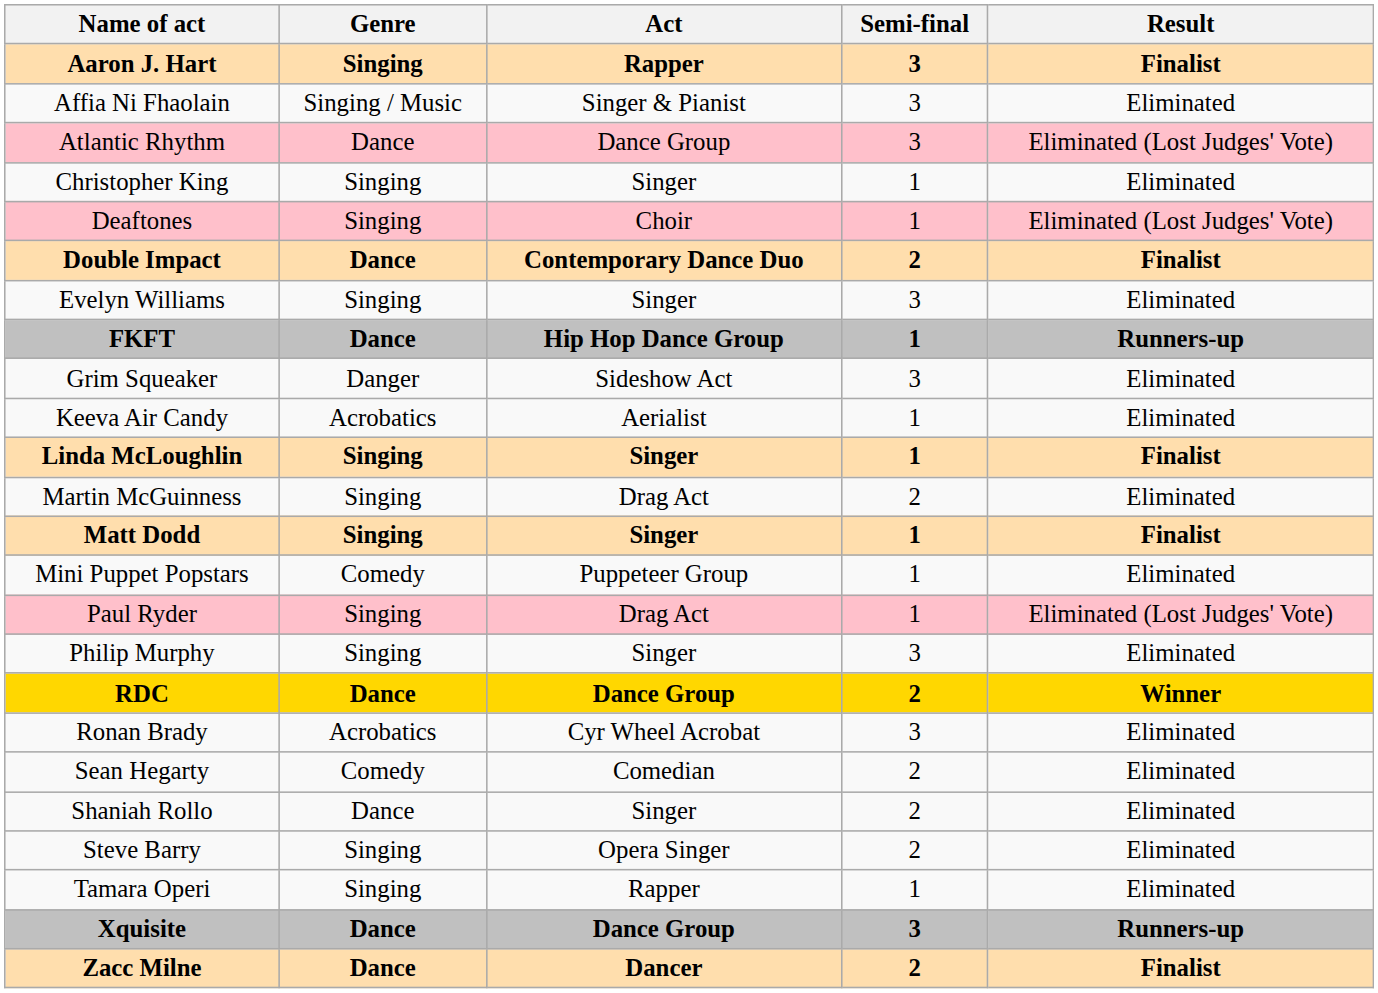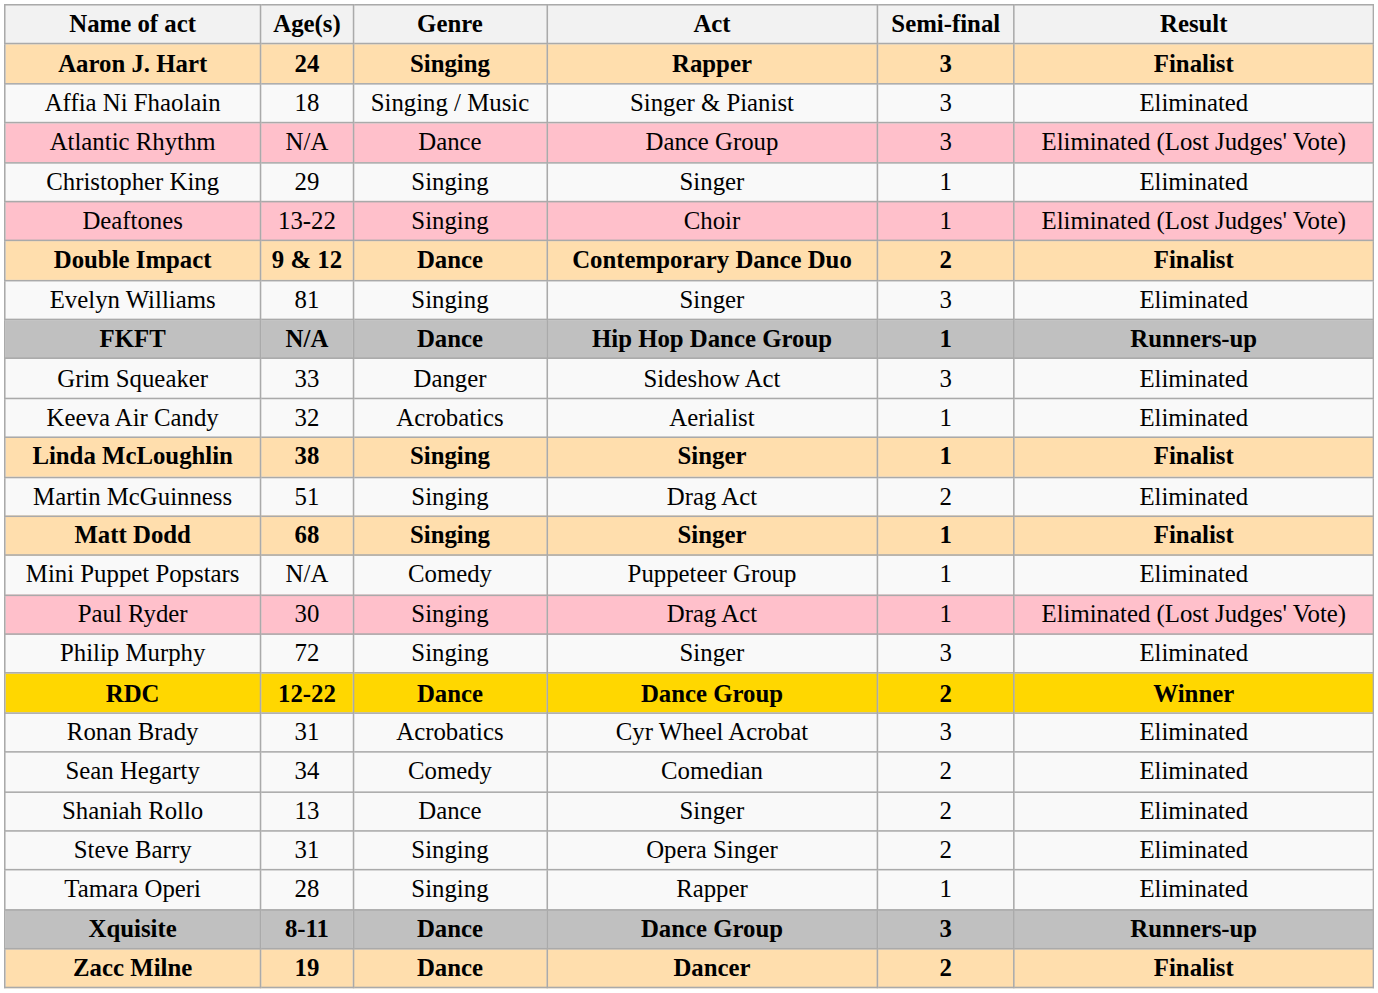 <table class="wikitable sortable" style="width:100%; text-align:center;">
 <tr>
 <th>Name of act</th>
+<th data-sort-type="number">Age(s)</th>
 <th>Genre</th>
 <th>Act</th>
 <th>Semi-final</th>
 <th>Result</th>
 </tr>
 <tr style="font-weight:bold;background:navajowhite">
 <td>Aaron J. Hart</td>
+<td>24</td>
 <td>Singing</td>
 <td>Rapper</td>
 <td>3</td>
 <td>Finalist</td>
 </tr>
 <tr>
 <td>Affia Ni Fhaolain</td>
+<td>18</td>
 <td>Singing / Music</td>
 <td>Singer & Pianist</td>
 <td>3</td>
 <td>Eliminated</td>
 </tr>
 <tr style="background:pink;">
 <td>Atlantic Rhythm</td>
+<td>N/A</td>
 <td>Dance</td>
 <td>Dance Group</td>
 <td>3</td>
 <td>Eliminated (Lost Judges' Vote)</td>
 </tr>
 <tr>
 <td>Christopher King </td>
+<td>29</td>
 <td>Singing</td>
 <td>Singer</td>
 <td>1</td>
 <td>Eliminated</td>
 </tr>
 <tr style="background:pink;">
 <td>Deaftones</td>
+<td>13-22</td>
 <td>Singing</td>
 <td>Choir</td>
 <td>1</td>
 <td>Eliminated (Lost Judges' Vote)</td>
 </tr>
 <tr style="font-weight:bold;background:navajowhite">
 <td>Double Impact</td>
+<td>9 & 12</td>
 <td>Dance</td>
 <td>Contemporary Dance Duo</td>
 <td>2</td>
 <td>Finalist</td>
 </tr>
 <tr>
 <td>Evelyn Williams </td>
+<td>81</td>
 <td>Singing</td>
 <td>Singer</td>
 <td>3</td>
 <td>Eliminated</td>
 </tr>
 <tr style="font-weight:bold;background:silver">
 <td>FKFT</td>
+<td>N/A</td>
 <td>Dance</td>
 <td>Hip Hop Dance Group</td>
 <td>1</td>
 <td>Runners-up</td>
 </tr>
 <tr>
 <td>Grim Squeaker</td>
+<td>33</td>
 <td>Danger</td>
 <td>Sideshow Act</td>
 <td>3</td>
 <td>Eliminated</td>
 </tr>
 <tr>
 <td>Keeva Air Candy</td>
+<td>32</td>
 <td>Acrobatics</td>
 <td>Aerialist</td>
 <td>1</td>
 <td>Eliminated</td>
 </tr>
 <tr style="font-weight:bold;background:navajowhite">
 <td>Linda McLoughlin </td>
+<td>38</td>
 <td>Singing</td>
 <td>Singer</td>
 <td>1</td>
 <td>Finalist</td>
 </tr>
 <tr>
 <td>Martin McGuinness </td>
+<td>51</td>
 <td>Singing</td>
 <td>Drag Act</td>
 <td>2</td>
 <td>Eliminated</td>
 </tr>
 <tr style="font-weight:bold;background:navajowhite">
 <td>Matt Dodd </td>
+<td>68</td>
 <td>Singing</td>
 <td>Singer</td>
 <td>1</td>
 <td>Finalist</td>
 </tr>
 <tr>
 <td>Mini Puppet Popstars</td>
+<td>N/A</td>
 <td>Comedy</td>
 <td>Puppeteer Group</td>
 <td>1</td>
 <td>Eliminated</td>
 </tr>
 <tr style="background:pink;">
 <td>Paul Ryder</td>
+<td>30</td>
 <td>Singing</td>
 <td>Drag Act</td>
 <td>1</td>
 <td>Eliminated (Lost Judges' Vote)</td>
 </tr>
 <tr>
 <td>Philip Murphy</td>
+<td>72</td>
 <td>Singing</td>
 <td>Singer</td>
 <td>3</td>
 <td>Eliminated</td>
 </tr>
 <tr style="font-weight:bold;background:Gold">
 <td>RDC</td>
+<td>12-22</td>
 <td>Dance</td>
 <td>Dance Group</td>
 <td>2</td>
 <td>Winner</td>
 </tr>
 <tr>
 <td>Ronan Brady</td>
+<td>31</td>
 <td>Acrobatics</td>
 <td>Cyr Wheel Acrobat</td>
 <td>3</td>
 <td>Eliminated</td>
 </tr>
 <tr>
 <td>Sean Hegarty</td>
+<td>34</td>
 <td>Comedy</td>
 <td>Comedian</td>
 <td>2</td>
 <td>Eliminated</td>
 </tr>
 <tr>
 <td>Shaniah Rollo</td>
+<td>13</td>
 <td>Dance</td>
 <td>Singer</td>
 <td>2</td>
 <td>Eliminated</td>
 </tr>
 <tr>
 <td>Steve Barry</td>
+<td>31</td>
 <td>Singing</td>
 <td>Opera Singer</td>
 <td>2</td>
 <td>Eliminated</td>
 </tr>
 <tr>
 <td>Tamara Operi</td>
+<td>28</td>
 <td>Singing</td>
 <td>Rapper</td>
 <td>1</td>
 <td>Eliminated</td>
 </tr>
 <tr style="font-weight:bold;background:silver">
 <td>Xquisite </td>
+<td>8-11</td>
 <td>Dance</td>
 <td>Dance Group</td>
 <td>3</td>
 <td>Runners-up</td>
 </tr>
 <tr style="font-weight:bold;background:navajowhite">
 <td>Zacc Milne </td>
+<td>19</td>
 <td>Dance</td>
 <td>Dancer</td>
 <td>2</td>
 <td>Finalist</td>
 </tr>
 </table>
